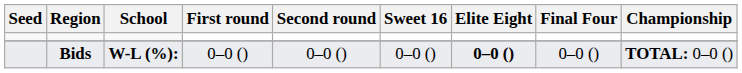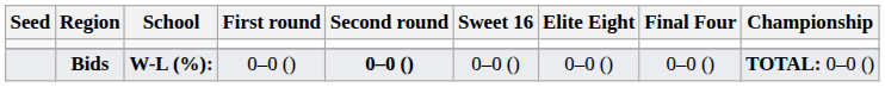 <table class="sortable wikitable" style="white-space:nowrap; font-size:90%;">
 <tr>
 <th>Seed</th>
 <th>Region</th>
 <th>School</th>
 <th>First round</th>
 <th>Second round</th>
 <th>Sweet 16</th>
 <th>Elite Eight</th>
 <th>Final Four</th>
 <th>Championship</th>
 </tr>
 <tr>
 <td></td>
 <td></td>
 <td></td>
 <td style="background:#fff;"></td>
 <td style="background:#fff;"></td>
 <td style="background:#fff;"></td>
 <td style="background:#fff;"></td>
 <td style="background:#fff;"></td>
 <td style="background:#fff;"></td>
 </tr>
 <tr>
 </tr>
 <tr class="sortbottom"  style="text-align:center; background:#EAECF0;">
 <td></td>
 <td><strong>Bids</strong></td>
 <td><strong>W-L (%):</strong></td>
 <td>0–0 ()</td>
+<td><strong>0–0 ()</strong></td>
 <td>0–0 ()</td>
 <td>0–0 ()</td>
-<td><strong>0–0 ()</strong></td>
 <td>0–0 ()</td>
 <td><strong>TOTAL:</strong> 0–0 ()</td>
 </tr>
 </table>
